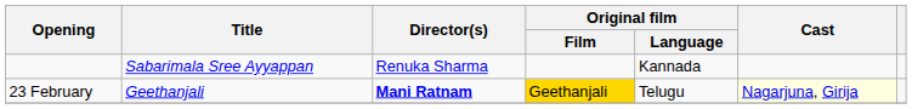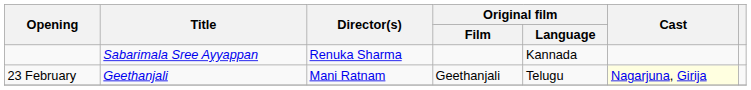 <table class="wikitable sortable"  style="width:100%; font-size:95%;">
 <tr>
 <th scope="col" rowspan="2">Opening</th>
 <th scope="col" rowspan="2">Title</th>
 <th scope="col" rowspan="2">Director(s)</th>
 <th scope="col" colspan="2">Original film</th>
 <th scope="col" rowspan="2">Cast</th>
 <th scope="col" rowspan="2" class="unsortable"></th>
 </tr>
 <tr>
 <th scope="col">Film</th>
 <th scope="col">Language</th>
 </tr>
 <tr>
 <td></td>
 <td><em><a href='#'>Sabarimala Sree Ayyappan</a></em></td>
 <td><a href='#'>Renuka Sharma</a></td>
 <td></td>
 <td>Kannada</td>
 <td></td>
 <td></td>
 </tr>
 <tr>
 <td>23 February</td>
 <td><em><a href='#'>Geethanjali</a></em></td>
-<td><strong><a href='#'>Mani Ratnam</a></strong></td>
-<td style="background: gold;">Geethanjali</td>
+<td><a href='#'>Mani Ratnam</a></td>
+<td>Geethanjali</td>
 <td>Telugu</td>
 <td style="background: lightyellow;"><a href='#'>Nagarjuna</a>, <a href='#'>Girija</a></td>
 <td></td>
 </tr>
 <tr>
 </tr>
 </table>
